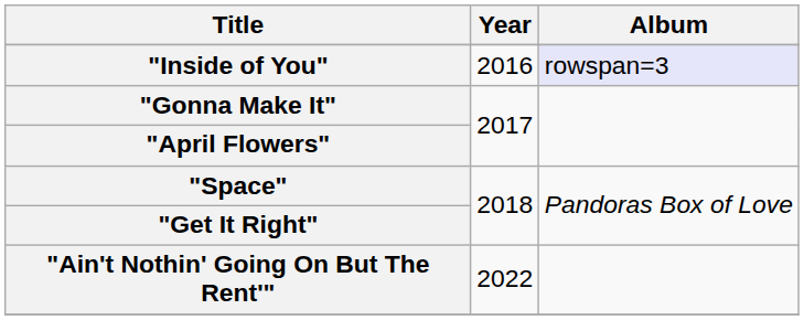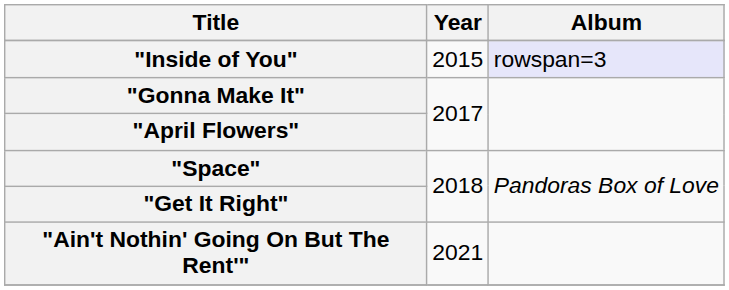 <table class="wikitable plainrowheaders">
 <tr>
 <th style="width:18em;">Title</th>
 <th>Year</th>
 <th>Album</th>
 </tr>
 <tr>
 </tr>
 <tr>
 <th scope="row">"Inside of You"</th>
-<td>2016</td>
+<td>2015</td>
 <td style="background: lavender;">rowspan=3 </td>
 </tr>
 <tr>
 <th scope="row">"Gonna Make It"</th>
 <td rowspan="2">2017</td>
 </tr>
 <tr>
 <th scope="row">"April Flowers"</th>
 </tr>
 <tr>
 <th scope="row">"Space"<br></th>
 <td rowspan="2">2018</td>
 <td rowspan=2><em>Pandoras Box of Love</em></td>
 </tr>
 <tr>
 <th scope="row">"Get It Right"<br></th>
 </tr>
 <tr>
 <th scope="row">"Ain't Nothin' Going On But The Rent'"<br></th>
-<td>2022</td>
+<td>2021</td>
 <td></td>
 </tr>
 <tr>
 </tr>
 </table>
